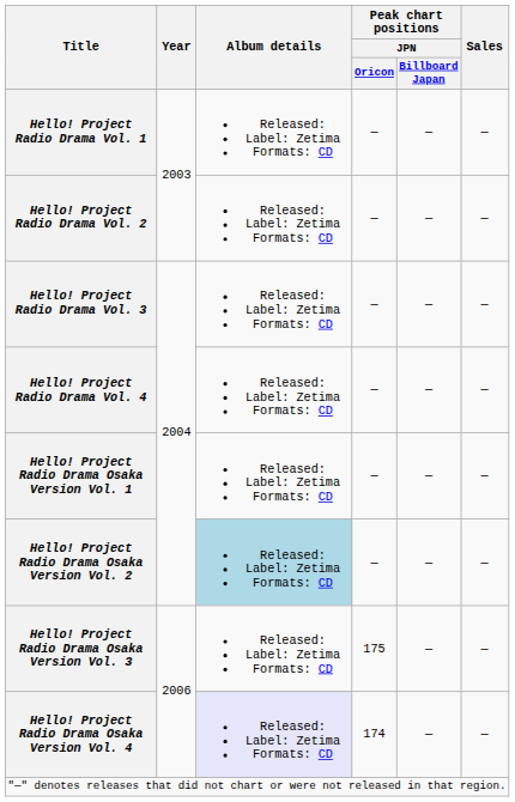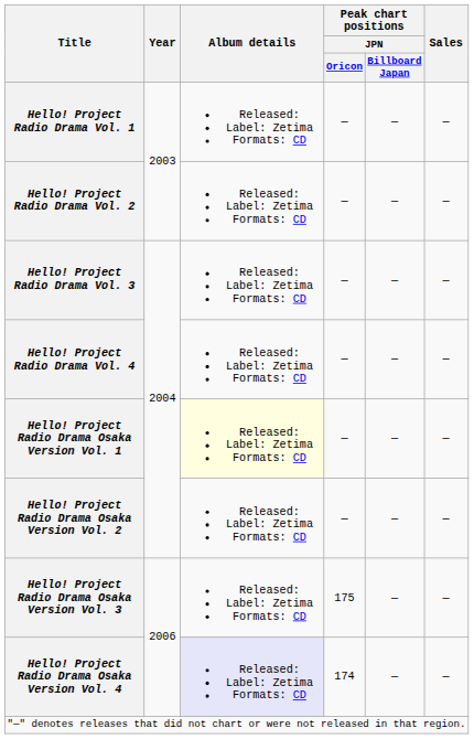 <table class="wikitable plainrowheaders" style="text-align:center;">
 <tr>
 <th scope="col" rowspan="3" style="width:12em;">Title</th>
 <th scope="col" rowspan="3">Year</th>
 <th scope="col" rowspan="3">Album details</th>
 <th scope="col" colspan="2">Peak chart positions</th>
 <th scope="col" rowspan="3">Sales</th>
 </tr>
 <tr>
 <th scope="col" style="width:3em;font-size:90%;" colspan="2">JPN</th>
 </tr>
 <tr>
 <th scope="col" style="width:3em;font-size:90%;"><a href='#'>Oricon</a></th>
 <th scope="col" style="width:3em;font-size:90%;"><a href='#'>Billboard Japan</a></th>
 </tr>
 <tr>
 <th scope="row"><em>Hello! Project Radio Drama Vol. 1</em></th>
 <td rowspan="2">2003</td>
 <td><br><ul><li>Released: </li><li>Label: Zetima</li><li>Formats: <a href='#'>CD</a></li></ul></td>
 <td>—</td>
 <td>—</td>
 <td>—</td>
 </tr>
 <tr>
 <th scope="row"><em>Hello! Project Radio Drama Vol. 2</em></th>
 <td><br><ul><li>Released: </li><li>Label: Zetima</li><li>Formats: <a href='#'>CD</a></li></ul></td>
 <td>—</td>
 <td>—</td>
 <td>—</td>
 </tr>
 <tr>
 <th scope="row"><em>Hello! Project Radio Drama Vol. 3</em></th>
 <td rowspan="4">2004</td>
 <td><br><ul><li>Released: </li><li>Label: Zetima</li><li>Formats: <a href='#'>CD</a></li></ul></td>
 <td>—</td>
 <td>—</td>
 <td>—</td>
 </tr>
 <tr>
 <th scope="row"><em>Hello! Project Radio Drama Vol. 4</em></th>
 <td><br><ul><li>Released: </li><li>Label: Zetima</li><li>Formats: <a href='#'>CD</a></li></ul></td>
 <td>—</td>
 <td>—</td>
 <td>—</td>
 </tr>
 <tr>
 <th scope="row"><em>Hello! Project Radio Drama Osaka Version Vol. 1</em></th>
-<td><br><ul><li>Released: </li><li>Label: Zetima</li><li>Formats: <a href='#'>CD</a></li></ul></td>
+<td style="background: lightyellow;"><br><ul><li>Released: </li><li>Label: Zetima</li><li>Formats: <a href='#'>CD</a></li></ul></td>
 <td>—</td>
 <td>—</td>
 <td>—</td>
 </tr>
 <tr>
 <th scope="row"><em>Hello! Project Radio Drama Osaka Version Vol. 2</em></th>
-<td style="background: lightblue;"><br><ul><li>Released: </li><li>Label: Zetima</li><li>Formats: <a href='#'>CD</a></li></ul></td>
+<td><br><ul><li>Released: </li><li>Label: Zetima</li><li>Formats: <a href='#'>CD</a></li></ul></td>
 <td>—</td>
 <td>—</td>
 <td>—</td>
 </tr>
 <tr>
 <th scope="row"><em>Hello! Project Radio Drama Osaka Version Vol. 3</em></th>
 <td rowspan="2">2006</td>
 <td><br><ul><li>Released: </li><li>Label: Zetima</li><li>Formats: <a href='#'>CD</a></li></ul></td>
 <td>175</td>
 <td>—</td>
 <td>—</td>
 </tr>
 <tr>
 <th scope="row"><em>Hello! Project Radio Drama Osaka Version Vol. 4</em></th>
 <td style="background: lavender;"><br><ul><li>Released: </li><li>Label: Zetima</li><li>Formats: <a href='#'>CD</a></li></ul></td>
 <td>174</td>
 <td>—</td>
 <td>—</td>
 </tr>
 <tr>
 <td colspan="6" style="font-size:90%;">"—" denotes releases that did not chart or were not released in that region.</td>
 </tr>
 </table>
